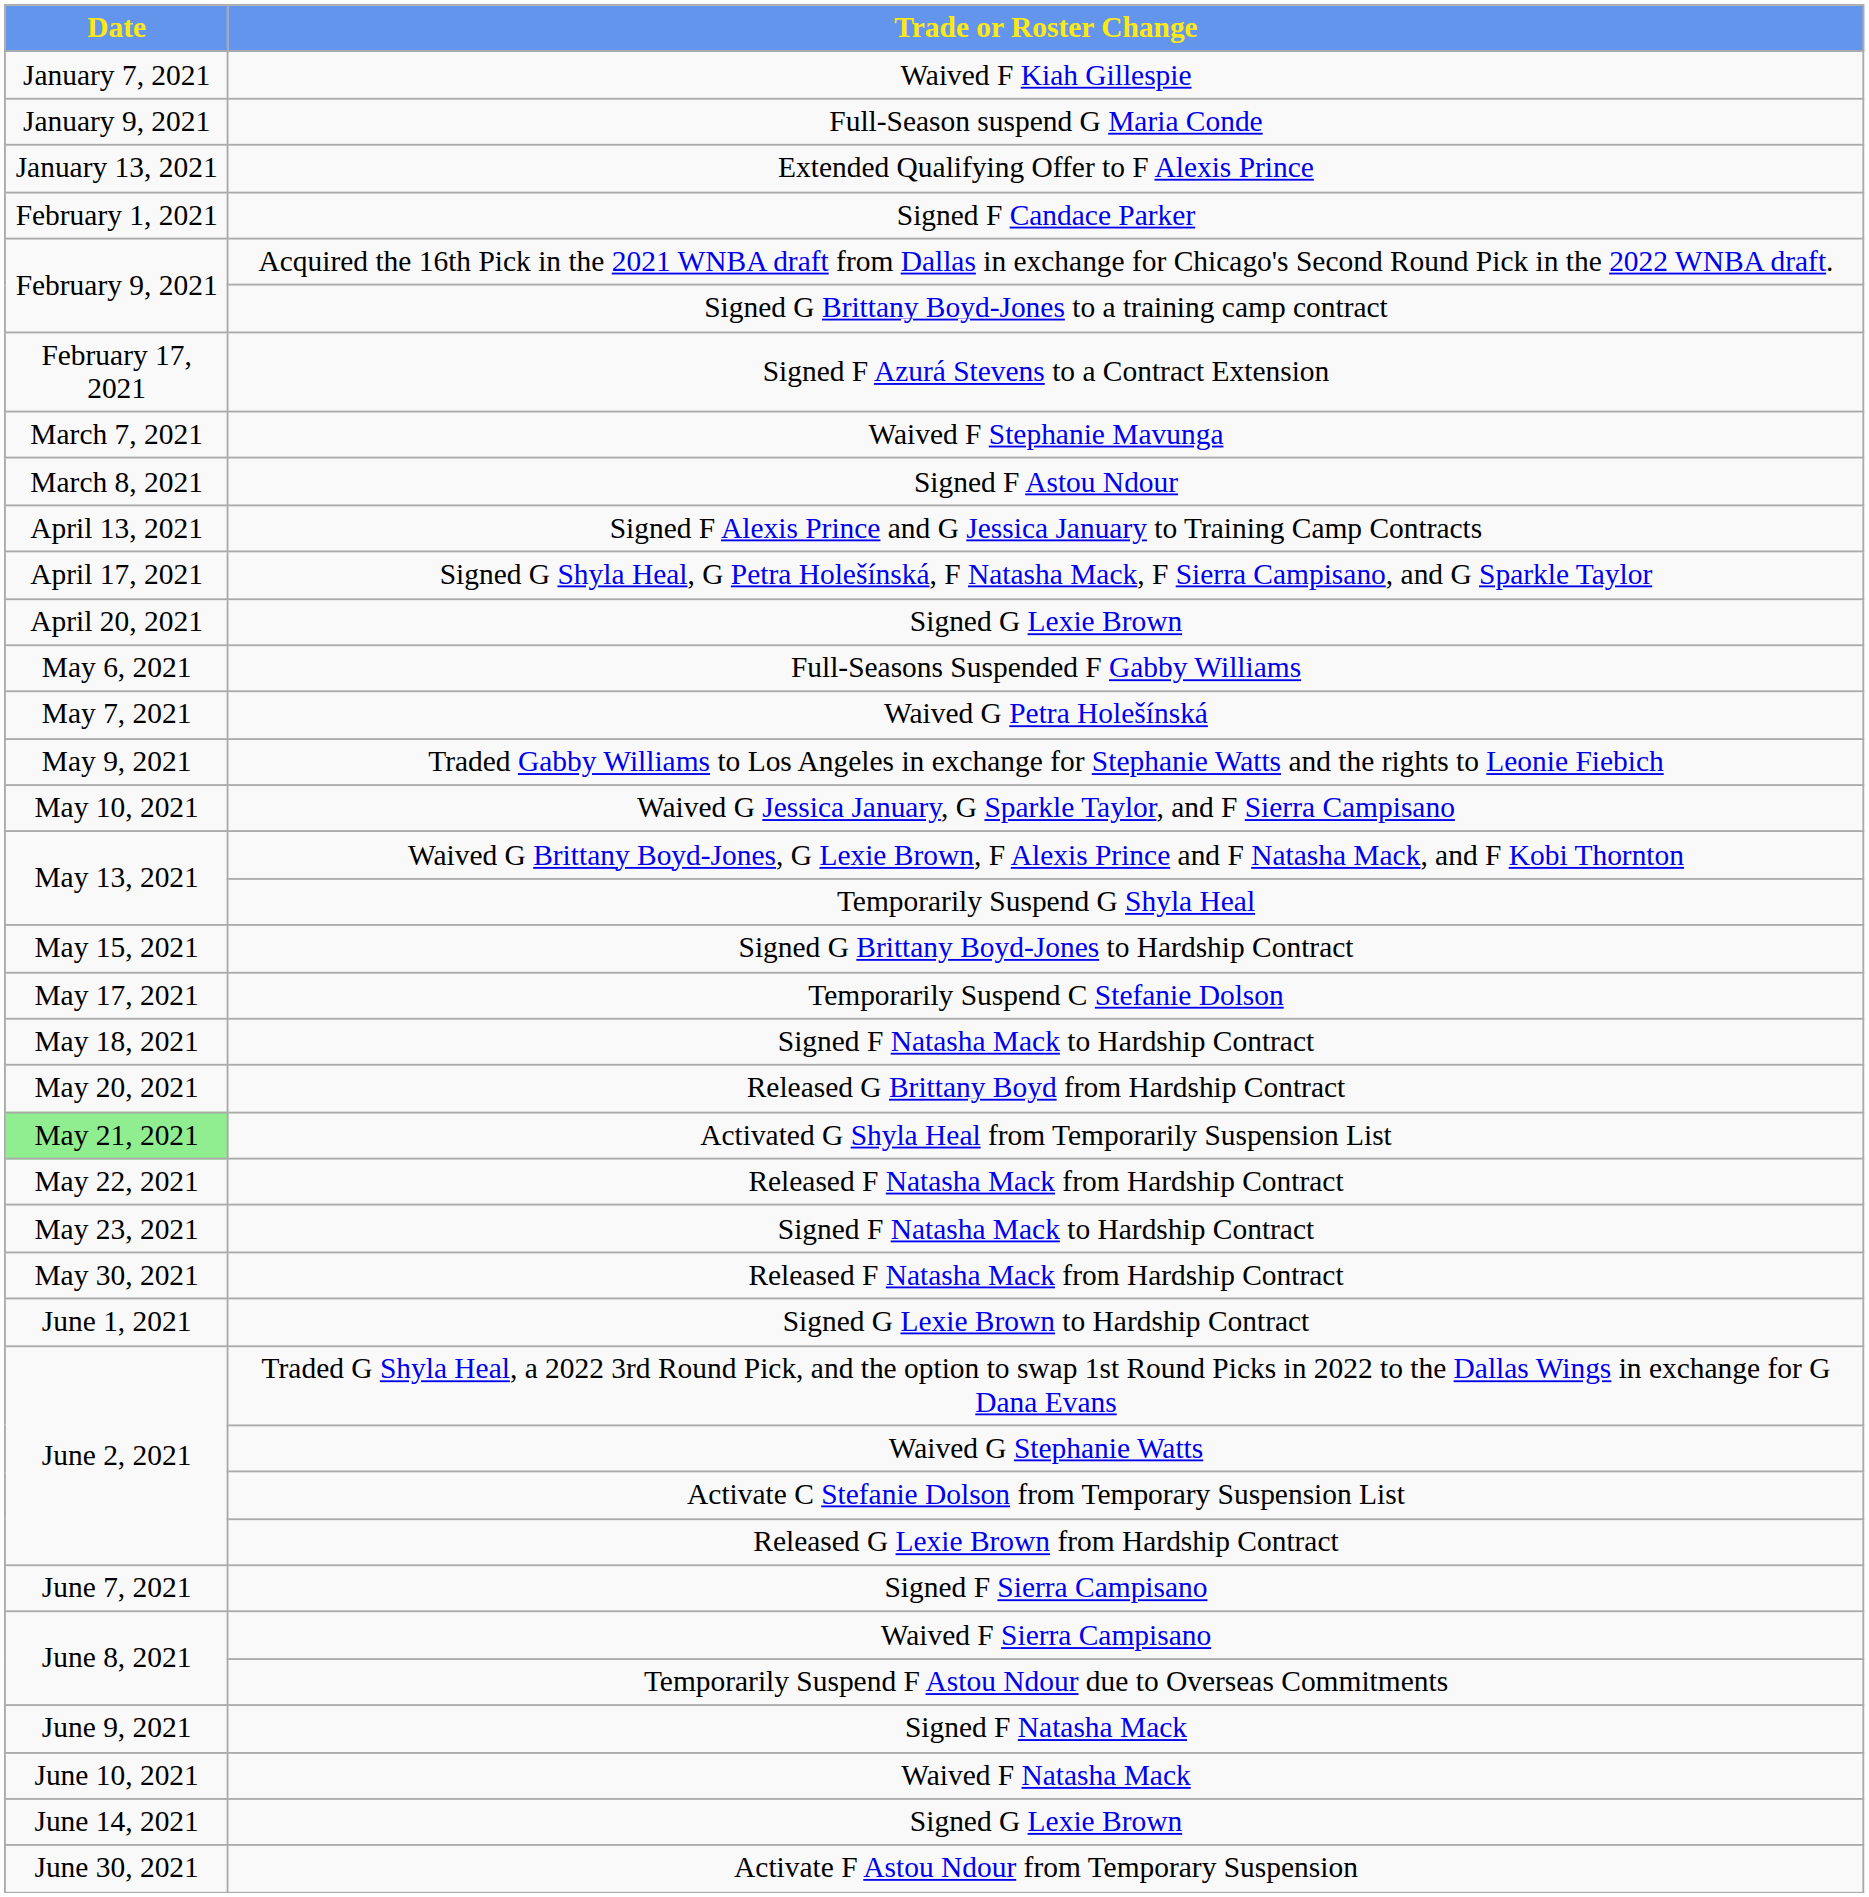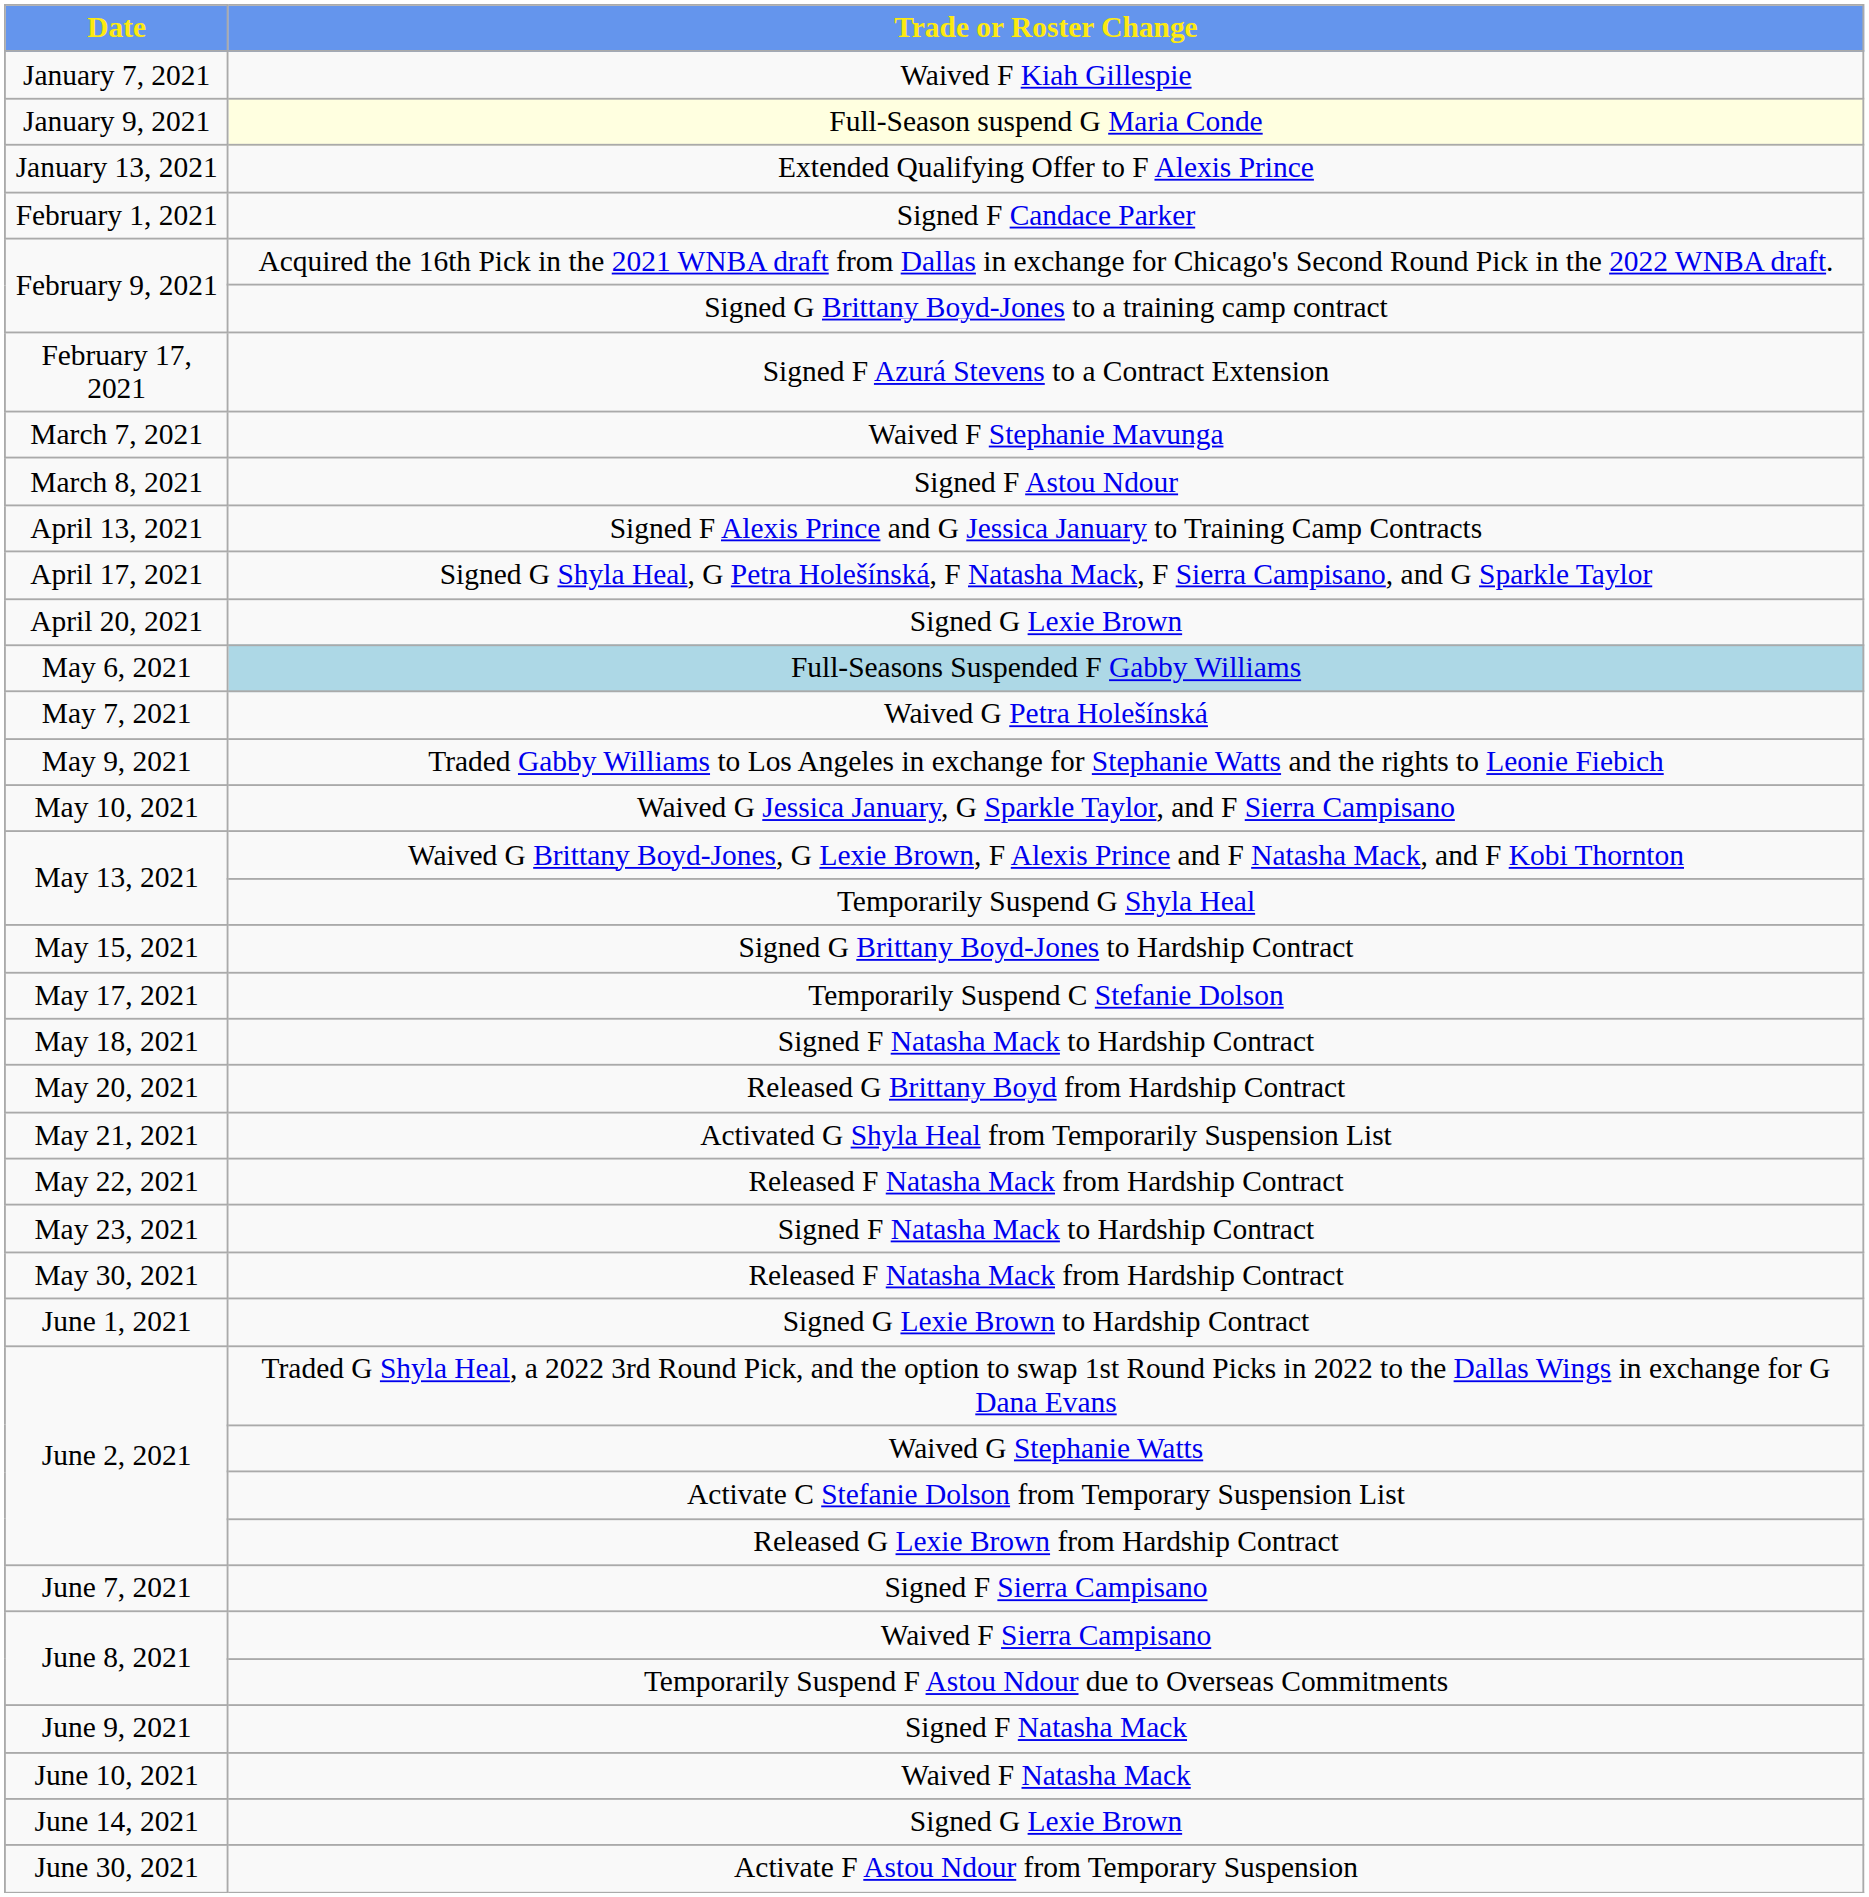 <table class="wikitable" style="width:80%; text-align: center;">
 <tr>
 <th style="background:#6495ED; color:#FDE910; width=125">Date</th>
 <th colspan="2" style="background:#6495ED; color:#FDE910;">Trade or Roster Change</th>
 </tr>
 <tr>
 <td>January 7, 2021</td>
 <td>Waived F <a href='#'>Kiah Gillespie</a></td>
 </tr>
 <tr>
 <td>January 9, 2021</td>
-<td>Full-Season suspend G <a href='#'>Maria Conde</a></td>
+<td style="background: lightyellow;">Full-Season suspend G <a href='#'>Maria Conde</a></td>
 </tr>
 <tr>
 <td>January 13, 2021</td>
 <td>Extended Qualifying Offer to F <a href='#'>Alexis Prince</a></td>
 </tr>
 <tr>
 <td>February 1, 2021</td>
 <td>Signed F <a href='#'>Candace Parker</a></td>
 </tr>
 <tr>
 <td rowspan=2>February 9, 2021</td>
 <td>Acquired the 16th Pick in the <a href='#'>2021 WNBA draft</a> from <a href='#'>Dallas</a> in exchange for Chicago's Second Round Pick in the <a href='#'>2022 WNBA draft</a>.</td>
 </tr>
 <tr>
 <td>Signed G <a href='#'>Brittany Boyd-Jones</a> to a training camp contract</td>
 </tr>
 <tr>
 <td>February 17, 2021</td>
 <td>Signed F <a href='#'>Azurá Stevens</a> to a Contract Extension</td>
 </tr>
 <tr>
 <td>March 7, 2021</td>
 <td>Waived F <a href='#'>Stephanie Mavunga</a></td>
 </tr>
 <tr>
 <td>March 8, 2021</td>
 <td>Signed F <a href='#'>Astou Ndour</a></td>
 </tr>
 <tr>
 <td>April 13, 2021</td>
 <td>Signed F <a href='#'>Alexis Prince</a> and G <a href='#'>Jessica January</a> to Training Camp Contracts</td>
 </tr>
 <tr>
 <td>April 17, 2021</td>
 <td>Signed G <a href='#'>Shyla Heal</a>, G <a href='#'>Petra Holešínská</a>, F <a href='#'>Natasha Mack</a>, F <a href='#'>Sierra Campisano</a>, and G <a href='#'>Sparkle Taylor</a></td>
 </tr>
 <tr>
 <td>April 20, 2021</td>
 <td>Signed G <a href='#'>Lexie Brown</a></td>
 </tr>
 <tr>
 <td>May 6, 2021</td>
-<td>Full-Seasons Suspended F <a href='#'>Gabby Williams</a></td>
+<td style="background: lightblue;">Full-Seasons Suspended F <a href='#'>Gabby Williams</a></td>
 </tr>
 <tr>
 <td>May 7, 2021</td>
 <td>Waived G <a href='#'>Petra Holešínská</a></td>
 </tr>
 <tr>
 <td>May 9, 2021</td>
 <td>Traded <a href='#'>Gabby Williams</a> to Los Angeles in exchange for <a href='#'>Stephanie Watts</a> and the rights to <a href='#'>Leonie Fiebich</a></td>
 </tr>
 <tr>
 <td>May 10, 2021</td>
 <td>Waived G <a href='#'>Jessica January</a>, G <a href='#'>Sparkle Taylor</a>, and F <a href='#'>Sierra Campisano</a></td>
 </tr>
 <tr>
 <td rowspan=2>May 13, 2021</td>
 <td>Waived G <a href='#'>Brittany Boyd-Jones</a>, G <a href='#'>Lexie Brown</a>, F <a href='#'>Alexis Prince</a> and F <a href='#'>Natasha Mack</a>, and F <a href='#'>Kobi Thornton</a></td>
 </tr>
 <tr>
 <td>Temporarily Suspend G <a href='#'>Shyla Heal</a></td>
 </tr>
 <tr>
 <td>May 15, 2021</td>
 <td>Signed G <a href='#'>Brittany Boyd-Jones</a> to Hardship Contract</td>
 </tr>
 <tr>
 <td>May 17, 2021</td>
 <td>Temporarily Suspend C <a href='#'>Stefanie Dolson</a></td>
 </tr>
 <tr>
 <td>May 18, 2021</td>
 <td>Signed F <a href='#'>Natasha Mack</a> to Hardship Contract</td>
 </tr>
 <tr>
 <td>May 20, 2021</td>
 <td>Released G <a href='#'>Brittany Boyd</a> from Hardship Contract</td>
 </tr>
 <tr>
-<td style="background: lightgreen;">May 21, 2021</td>
+<td>May 21, 2021</td>
 <td>Activated G <a href='#'>Shyla Heal</a> from Temporarily Suspension List</td>
 </tr>
 <tr>
 <td>May 22, 2021</td>
 <td>Released F <a href='#'>Natasha Mack</a> from Hardship Contract</td>
 </tr>
 <tr>
 <td>May 23, 2021</td>
 <td>Signed F <a href='#'>Natasha Mack</a> to Hardship Contract</td>
 </tr>
 <tr>
 <td>May 30, 2021</td>
 <td>Released F <a href='#'>Natasha Mack</a> from Hardship Contract</td>
 </tr>
 <tr>
 <td>June 1, 2021</td>
 <td>Signed G <a href='#'>Lexie Brown</a> to Hardship Contract</td>
 </tr>
 <tr>
 <td rowspan=4>June 2, 2021</td>
 <td>Traded G <a href='#'>Shyla Heal</a>, a 2022 3rd Round Pick, and the option to swap 1st Round Picks in 2022 to the <a href='#'>Dallas Wings</a> in exchange for G <a href='#'>Dana Evans</a></td>
 </tr>
 <tr>
 <td>Waived G <a href='#'>Stephanie Watts</a></td>
 </tr>
 <tr>
 <td>Activate C <a href='#'>Stefanie Dolson</a> from Temporary Suspension List</td>
 </tr>
 <tr>
 <td>Released G <a href='#'>Lexie Brown</a> from Hardship Contract</td>
 </tr>
 <tr>
 <td>June 7, 2021</td>
 <td>Signed F <a href='#'>Sierra Campisano</a></td>
 </tr>
 <tr>
 <td rowspan=2>June 8, 2021</td>
 <td>Waived F <a href='#'>Sierra Campisano</a></td>
 </tr>
 <tr>
 <td>Temporarily Suspend F <a href='#'>Astou Ndour</a> due to Overseas Commitments</td>
 </tr>
 <tr>
 <td>June 9, 2021</td>
 <td>Signed F <a href='#'>Natasha Mack</a></td>
 </tr>
 <tr>
 <td>June 10, 2021</td>
 <td>Waived F <a href='#'>Natasha Mack</a></td>
 </tr>
 <tr>
 <td>June 14, 2021</td>
 <td>Signed G <a href='#'>Lexie Brown</a></td>
 </tr>
 <tr>
 <td>June 30, 2021</td>
 <td>Activate F <a href='#'>Astou Ndour</a> from Temporary Suspension</td>
 </tr>
 </table>
